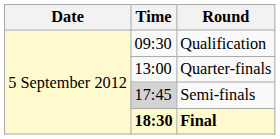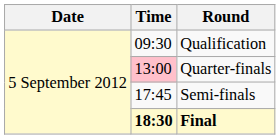 <table class="wikitable">
 <tr>
 <th>Date</th>
 <th>Time</th>
 <th>Round</th>
 </tr>
 <tr>
 <td style=background:lemonchiffon rowspan=5>5 September 2012</td>
 <td>09:30</td>
 <td>Qualification</td>
 </tr>
 <tr>
-<td>13:00</td>
+<td style="background: pink;">13:00</td>
 <td>Quarter-finals</td>
 </tr>
 <tr>
-<td style="background: lightgrey;">17:45</td>
+<td>17:45</td>
 <td>Semi-finals</td>
 </tr>
 <tr>
 <td style=background:lemonchiffon><strong>18:30</strong></td>
 <td style=background:lemonchiffon><strong>Final</strong></td>
 </tr>
 </table>
